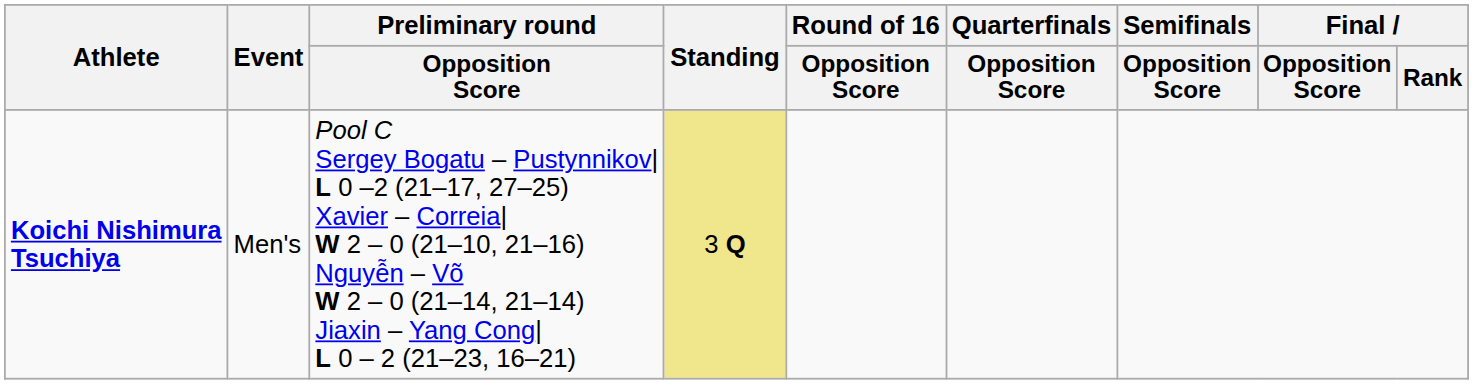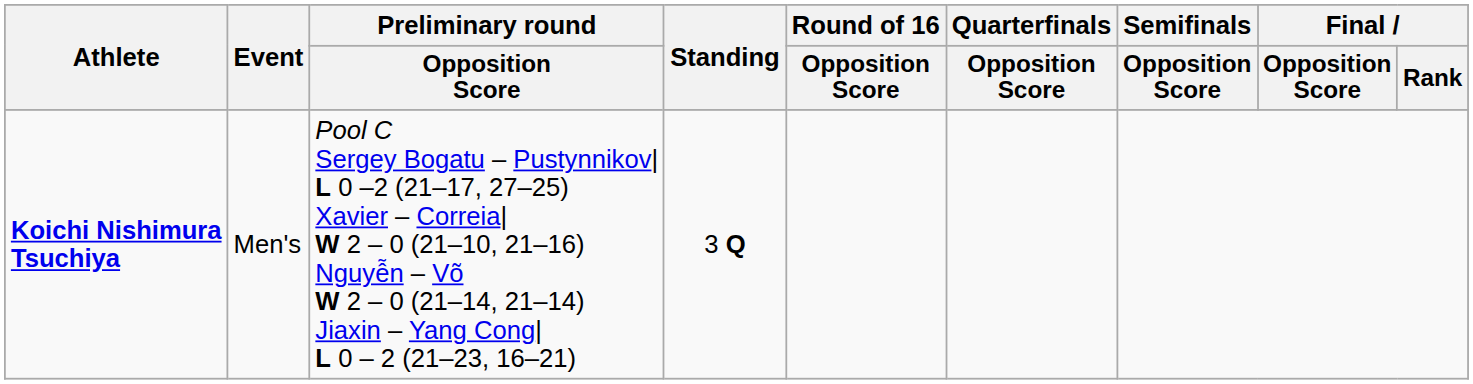 <table class=wikitable style="font-size:90%">
 <tr>
 <th rowspan="2">Athlete</th>
 <th rowspan="2">Event</th>
 <th>Preliminary round</th>
 <th rowspan="2">Standing</th>
 <th>Round of 16</th>
 <th>Quarterfinals</th>
 <th>Semifinals</th>
 <th colspan=2>Final / </th>
 </tr>
 <tr style="font-size:95%">
 <th>Opposition<br>Score</th>
 <th>Opposition<br>Score</th>
 <th>Opposition<br>Score</th>
 <th>Opposition<br>Score</th>
 <th>Opposition<br>Score</th>
 <th>Rank</th>
 </tr>
 <tr align=center>
 <td align=left><strong><a href='#'>Koichi Nishimura</a><br><a href='#'>Tsuchiya</a></strong></td>
 <td align=left rowspan=2>Men's</td>
 <td align=left><em>Pool C</em><br> <a href='#'>Sergey Bogatu</a> – <a href='#'>Pustynnikov</a>|<br><strong>L</strong> 0 –2 (21–17, 27–25)<br> <a href='#'>Xavier</a> – <a href='#'>Correia</a>|<br><strong>W</strong> 2 – 0 (21–10, 21–16)<br><a href='#'>Nguyễn</a> – <a href='#'>Võ</a><br><strong>W</strong> 2 – 0 (21–14, 21–14)<br> <a href='#'>Jiaxin</a> – <a href='#'>Yang Cong</a>|<br><strong>L</strong> 0 – 2 (21–23, 16–21)</td>
-<td style="background: khaki;">3 <strong>Q</strong></td>
+<td>3 <strong>Q</strong></td>
 <td></td>
 <td></td>
 </tr>
 </table>
